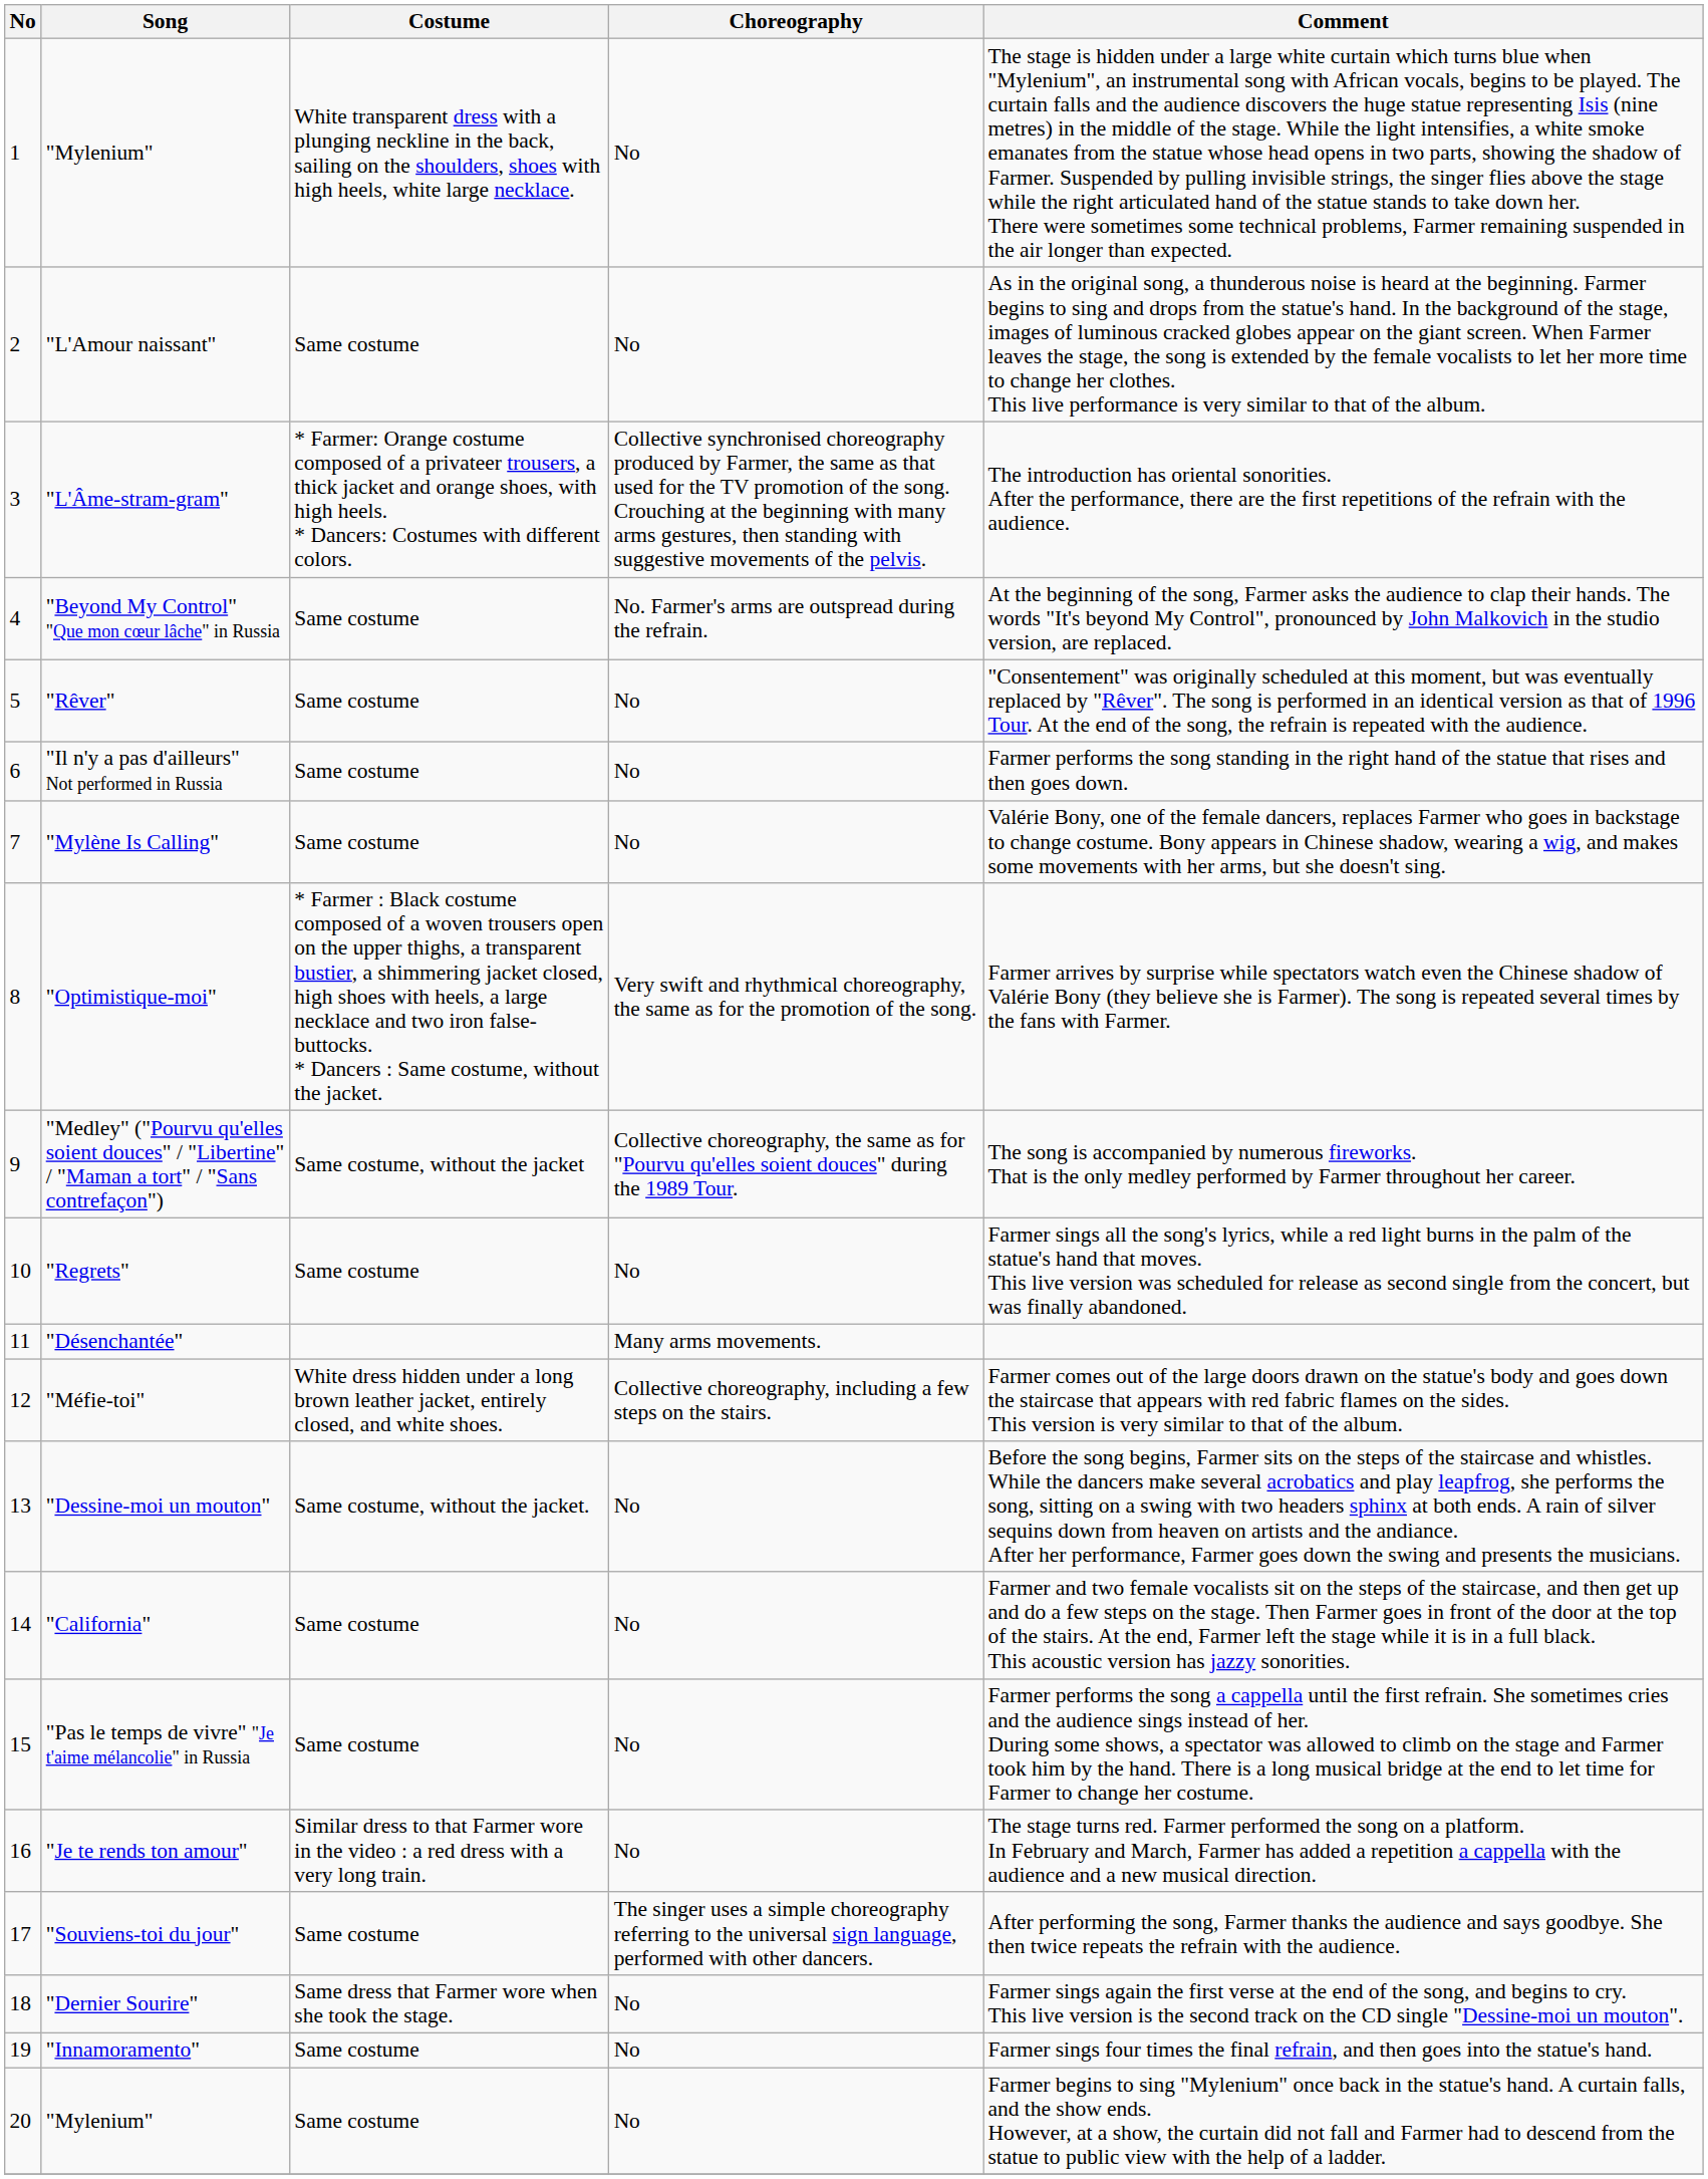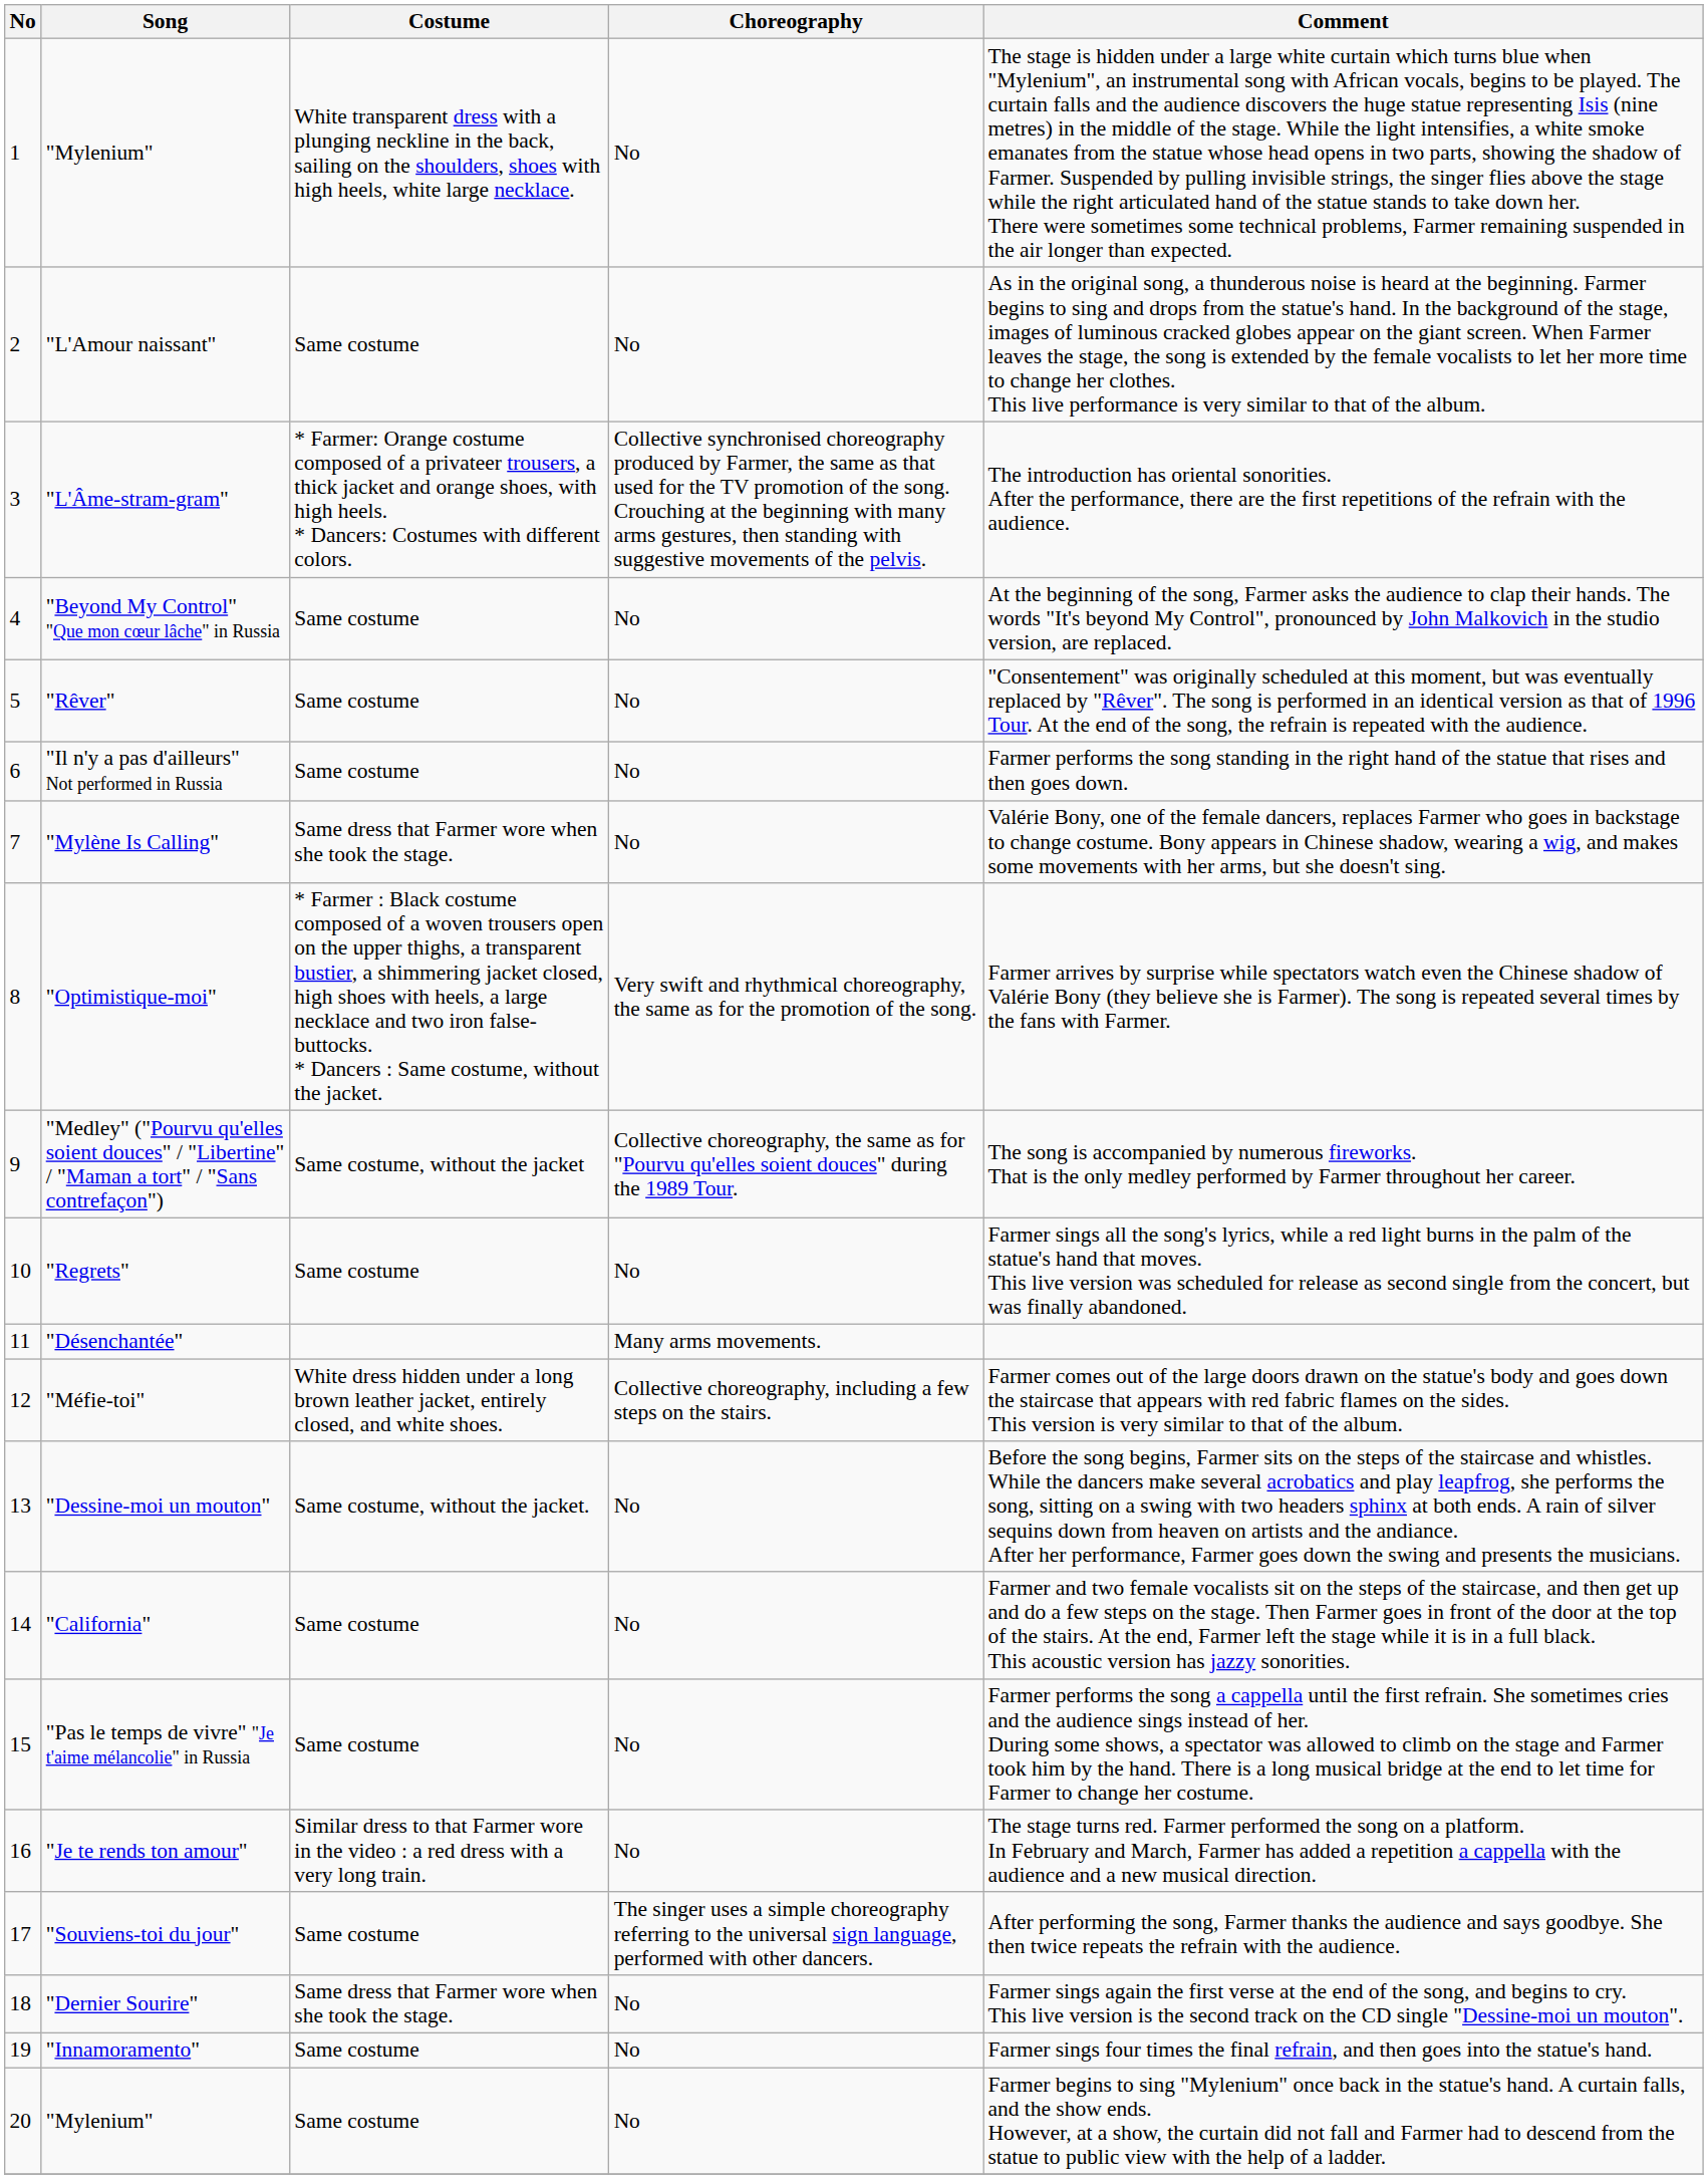 <table class="wikitable" width="100%" border="1">
 <tr>
 <th>No</th>
 <th>Song</th>
 <th>Costume</th>
 <th>Choreography</th>
 <th>Comment</th>
 </tr>
 <tr>
 <td>1</td>
 <td>"Mylenium"</td>
 <td>White transparent <a href='#'>dress</a> with a plunging neckline in the back, sailing on the <a href='#'>shoulders</a>, <a href='#'>shoes</a> with high heels, white large <a href='#'>necklace</a>.</td>
 <td>No</td>
 <td>The stage is hidden under a large white curtain which turns blue when "Mylenium", an instrumental song with African vocals, begins to be played. The curtain falls and the audience discovers the huge statue representing <a href='#'>Isis</a> (nine metres) in the middle of the stage. While the light intensifies, a white smoke emanates from the statue whose head opens in two parts, showing the shadow of Farmer. Suspended by pulling invisible strings, the singer flies above the stage while the right articulated hand of the statue stands to take down her.<br>There were sometimes some technical problems, Farmer remaining suspended in the air longer than expected.</td>
 </tr>
 <tr>
 <td>2</td>
 <td>"L'Amour naissant"</td>
 <td>Same costume</td>
 <td>No</td>
 <td>As in the original song, a thunderous noise is heard at the beginning. Farmer begins to sing and drops from the statue's hand. In the background of the stage, images of luminous cracked globes appear on the giant screen. When Farmer leaves the stage, the song is extended by the female vocalists to let her more time to change her clothes.<br>This live performance is very similar to that of the album.</td>
 </tr>
 <tr>
 <td>3</td>
 <td>"<a href='#'>L'Âme-stram-gram</a>"</td>
 <td>* Farmer: Orange costume composed of a privateer <a href='#'>trousers</a>, a thick jacket and orange shoes, with high heels. <br> * Dancers: Costumes with different colors.</td>
 <td>Collective synchronised choreography produced by Farmer, the same as that used for the TV promotion of the song. Crouching at the beginning with many arms gestures, then standing with suggestive movements of the <a href='#'>pelvis</a>.</td>
 <td>The introduction has oriental sonorities.<br>After the performance, there are the first repetitions of the refrain with the audience.</td>
 </tr>
 <tr>
 <td>4</td>
 <td>"<a href='#'>Beyond My Control</a>" <br><small>"<a href='#'>Que mon cœur lâche</a>" in Russia</small></td>
 <td>Same costume</td>
-<td>No. Farmer's arms are outspread during the refrain.</td>
+<td>No</td>
 <td>At the beginning of the song, Farmer asks the audience to clap their hands. The words "It's beyond My Control", pronounced by <a href='#'>John Malkovich</a> in the studio version, are replaced.</td>
 </tr>
 <tr>
 <td>5</td>
 <td>"<a href='#'>Rêver</a>"</td>
 <td>Same costume</td>
 <td>No</td>
 <td>"Consentement" was originally scheduled at this moment, but was eventually replaced by "<a href='#'>Rêver</a>". The song is performed in an identical version as that of <a href='#'>1996 Tour</a>. At the end of the song, the refrain is repeated with the audience.</td>
 </tr>
 <tr>
 <td>6</td>
 <td>"Il n'y a pas d'ailleurs" <br><small>Not performed in Russia</small></td>
 <td>Same costume</td>
 <td>No</td>
 <td>Farmer performs the song standing in the right hand of the statue that rises and then goes down.</td>
 </tr>
 <tr>
 <td>7</td>
 <td>"<a href='#'>Mylène Is Calling</a>"</td>
-<td>Same costume</td>
+<td>Same dress that Farmer wore when she took the stage.</td>
 <td>No</td>
 <td>Valérie Bony, one of the female dancers, replaces Farmer who goes in backstage to change costume. Bony appears in Chinese shadow, wearing a <a href='#'>wig</a>, and makes some movements with her arms, but she doesn't sing.</td>
 </tr>
 <tr>
 <td>8</td>
 <td>"<a href='#'>Optimistique-moi</a>"</td>
 <td>* Farmer : Black costume composed of a woven trousers open on the upper thighs, a transparent <a href='#'>bustier</a>, a shimmering jacket closed, high shoes with heels, a large necklace and two iron false-buttocks. <br> * Dancers : Same costume, without the jacket.</td>
 <td>Very swift and rhythmical choreography, the same as for the promotion of the song.</td>
 <td>Farmer arrives by surprise while spectators watch even the Chinese shadow of Valérie Bony (they believe she is Farmer). The song is repeated several times by the fans with Farmer.</td>
 </tr>
 <tr>
 <td>9</td>
 <td>"Medley" ("<a href='#'>Pourvu qu'elles soient douces</a>" / "<a href='#'>Libertine</a>" / "<a href='#'>Maman a tort</a>" / "<a href='#'>Sans contrefaçon</a>")</td>
 <td>Same costume, without the jacket</td>
 <td>Collective choreography, the same as for "<a href='#'>Pourvu qu'elles soient douces</a>" during the <a href='#'>1989 Tour</a>.</td>
 <td>The song is accompanied by numerous <a href='#'>fireworks</a>.<br>That is the only medley performed by Farmer throughout her career.</td>
 </tr>
 <tr>
 <td>10</td>
 <td>"<a href='#'>Regrets</a>"</td>
 <td>Same costume</td>
 <td>No</td>
 <td>Farmer sings all the song's lyrics, while a red light burns in the palm of the statue's hand that moves.<br>This live version was scheduled for release as second single from the concert, but was finally abandoned.</td>
 </tr>
 <tr>
 <td>11</td>
 <td>"<a href='#'>Désenchantée</a>"</td>
 <td></td>
 <td>Many arms movements.</td>
 <td></td>
 </tr>
 <tr>
 <td>12</td>
 <td>"Méfie-toi"</td>
 <td>White dress hidden under a long brown leather jacket, entirely closed, and white shoes.</td>
 <td>Collective choreography, including a few steps on the stairs.</td>
 <td>Farmer comes out of the large doors drawn on the statue's body and goes down the staircase that appears with red fabric flames on the sides.<br>This version is very similar to that of the album.</td>
 </tr>
 <tr>
 <td>13</td>
 <td>"<a href='#'>Dessine-moi un mouton</a>"</td>
 <td>Same costume, without the jacket.</td>
 <td>No</td>
 <td>Before the song begins, Farmer sits on the steps of the staircase and whistles. While the dancers make several <a href='#'>acrobatics</a> and play <a href='#'>leapfrog</a>, she performs the song, sitting on a swing with two headers <a href='#'>sphinx</a> at both ends. A rain of silver sequins down from heaven on artists and the andiance.<br>After her performance, Farmer goes down the swing and presents the musicians.</td>
 </tr>
 <tr>
 <td>14</td>
 <td>"<a href='#'>California</a>"</td>
 <td>Same costume</td>
 <td>No</td>
 <td>Farmer and two female vocalists sit on the steps of the staircase, and then get up and do a few steps on the stage. Then Farmer goes in front of the door at the top of the stairs. At the end, Farmer left the stage while it is in a full black.<br>This acoustic version has <a href='#'>jazzy</a> sonorities.</td>
 </tr>
 <tr>
 <td>15</td>
 <td>"Pas le temps de vivre" <small>"<a href='#'>Je t'aime mélancolie</a>" in Russia</small></td>
 <td>Same costume</td>
 <td>No</td>
 <td>Farmer performs the song <a href='#'>a cappella</a> until the first refrain. She sometimes cries and the audience sings instead of her.<br>During some shows, a spectator was allowed to climb on the stage and Farmer took him by the hand.  There is a long musical bridge at the end to let time for Farmer to change her costume.</td>
 </tr>
 <tr>
 <td>16</td>
 <td>"<a href='#'>Je te rends ton amour</a>"</td>
 <td>Similar dress to that Farmer wore in the video : a red dress with a very long train.</td>
 <td>No</td>
 <td>The stage turns red. Farmer performed the song on a platform.<br>In February and March, Farmer has added a repetition <a href='#'>a cappella</a> with the audience and a new musical direction.</td>
 </tr>
 <tr>
 <td>17</td>
 <td>"<a href='#'>Souviens-toi du jour</a>"</td>
 <td>Same costume</td>
 <td>The singer uses a simple choreography referring to the universal <a href='#'>sign language</a>, performed with other dancers.</td>
 <td>After performing the song, Farmer thanks the audience and says goodbye. She then twice repeats the refrain with the audience.</td>
 </tr>
 <tr>
 <td>18</td>
 <td>"<a href='#'>Dernier Sourire</a>"</td>
 <td>Same dress that Farmer wore when she took the stage.</td>
 <td>No</td>
 <td>Farmer sings again the first verse at the end of the song, and begins to cry.<br>This live version is the second track on the CD single "<a href='#'>Dessine-moi un mouton</a>".</td>
 </tr>
 <tr>
 <td>19</td>
 <td>"<a href='#'>Innamoramento</a>"</td>
 <td>Same costume</td>
 <td>No</td>
 <td>Farmer sings four times the final <a href='#'>refrain</a>, and then goes into the statue's hand.</td>
 </tr>
 <tr>
 <td>20</td>
 <td>"Mylenium"</td>
 <td>Same costume</td>
 <td>No</td>
 <td>Farmer begins to sing "Mylenium" once back in the statue's hand. A curtain falls, and the show ends.<br>However, at a show, the curtain did not fall and Farmer had to descend from the statue to public view with the help of a ladder.</td>
 </tr>
 <tr>
 </tr>
 </table>
